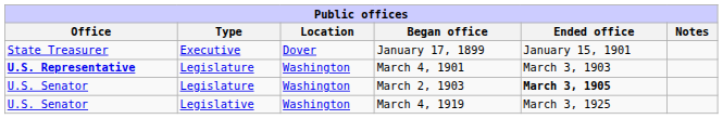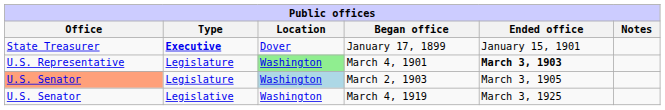 <table class=wikitable style="width: 94%" style="text-align: center;" align="center">
 <tr bgcolor=#cccccc>
 <th colspan=7 style="background: #ccccff;">Public offices</th>
 </tr>
 <tr>
 <th><strong>Office</strong></th>
 <th><strong>Type</strong></th>
 <th><strong>Location</strong></th>
 <th><strong>Began office</strong></th>
 <th><strong>Ended office</strong></th>
 <th><strong>Notes</strong></th>
 </tr>
 <tr>
 <td><a href='#'>State Treasurer</a></td>
-<td><a href='#'>Executive</a></td>
+<td><strong><a href='#'>Executive</a></strong></td>
 <td><a href='#'>Dover</a></td>
 <td>January 17, 1899</td>
 <td>January 15, 1901</td>
 <td></td>
 </tr>
 <tr>
-<td><strong><a href='#'>U.S. Representative</a></strong></td>
+<td><a href='#'>U.S. Representative</a></td>
 <td><a href='#'>Legislature</a></td>
-<td><a href='#'>Washington</a></td>
+<td style="background: lightgreen;"><a href='#'>Washington</a></td>
 <td>March 4, 1901</td>
-<td>March 3, 1903</td>
+<td><strong>March 3, 1903</strong></td>
 <td></td>
 </tr>
 <tr>
-<td><a href='#'>U.S. Senator</a></td>
+<td style="background: lightsalmon;"><a href='#'>U.S. Senator</a></td>
 <td><a href='#'>Legislature</a></td>
-<td><a href='#'>Washington</a></td>
+<td style="background: lightblue;"><a href='#'>Washington</a></td>
 <td>March 2, 1903</td>
-<td><strong>March 3, 1905</strong></td>
+<td>March 3, 1905</td>
 <td></td>
 </tr>
 <tr>
 <td><a href='#'>U.S. Senator</a></td>
 <td><a href='#'>Legislative</a></td>
 <td><a href='#'>Washington</a></td>
 <td>March 4, 1919</td>
 <td>March 3, 1925</td>
 </tr>
 </table>
